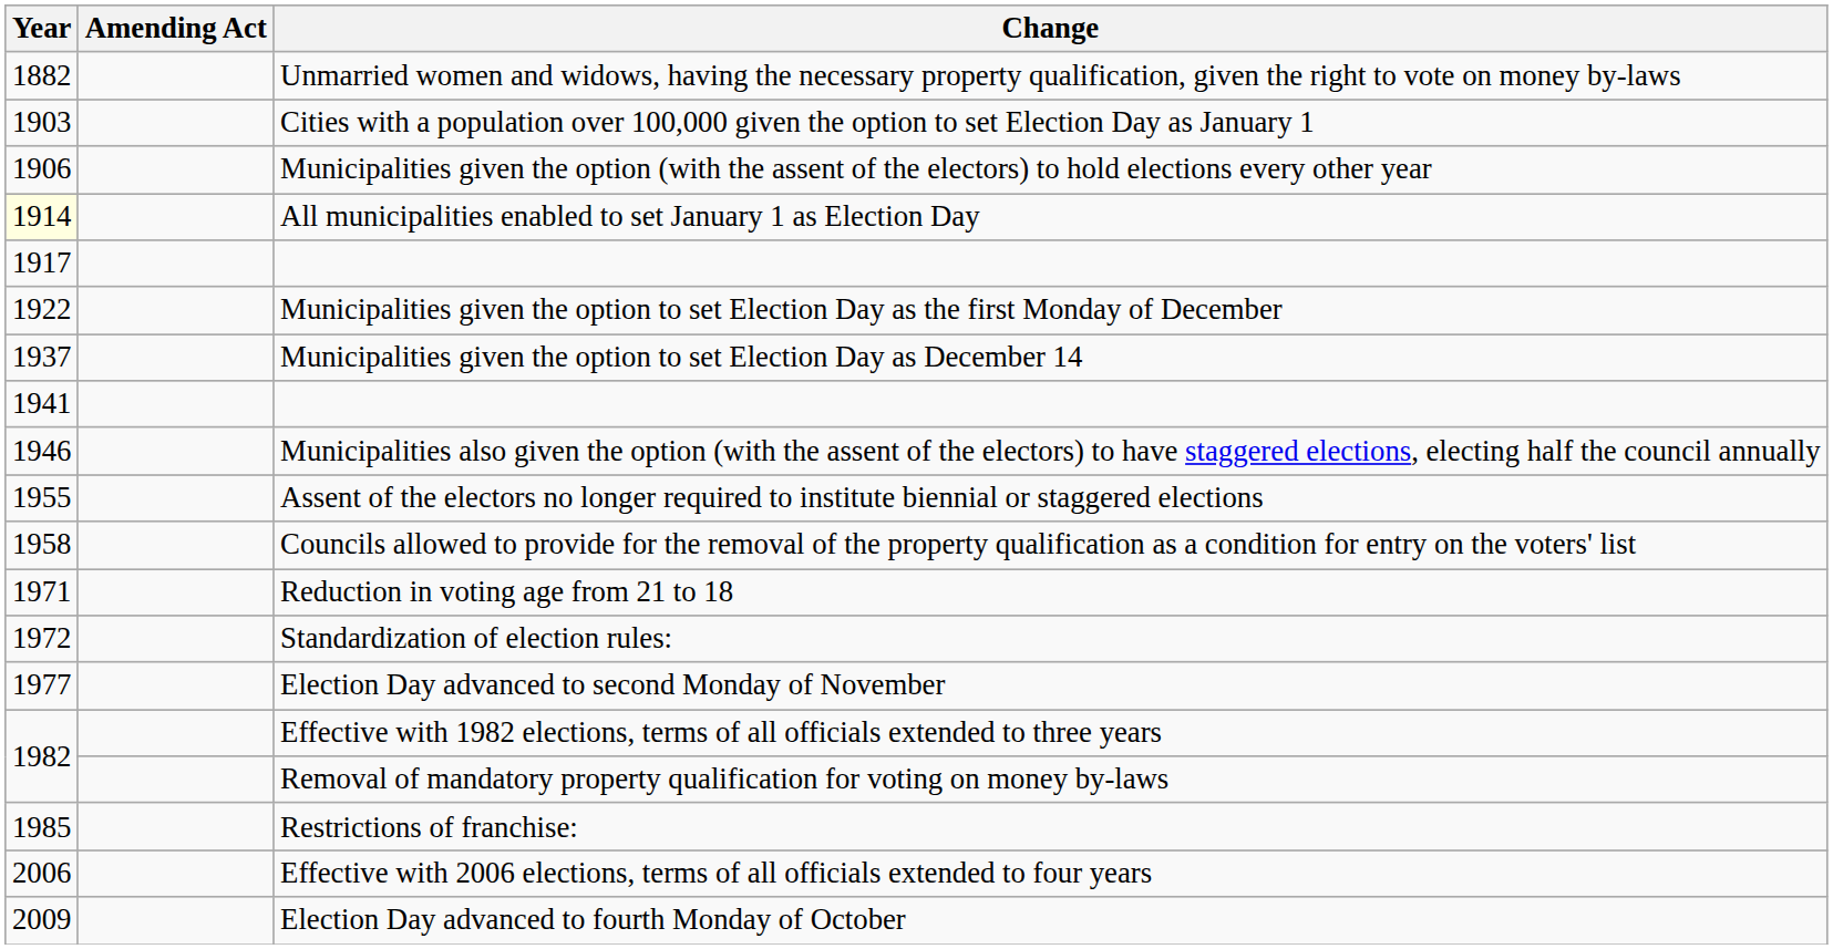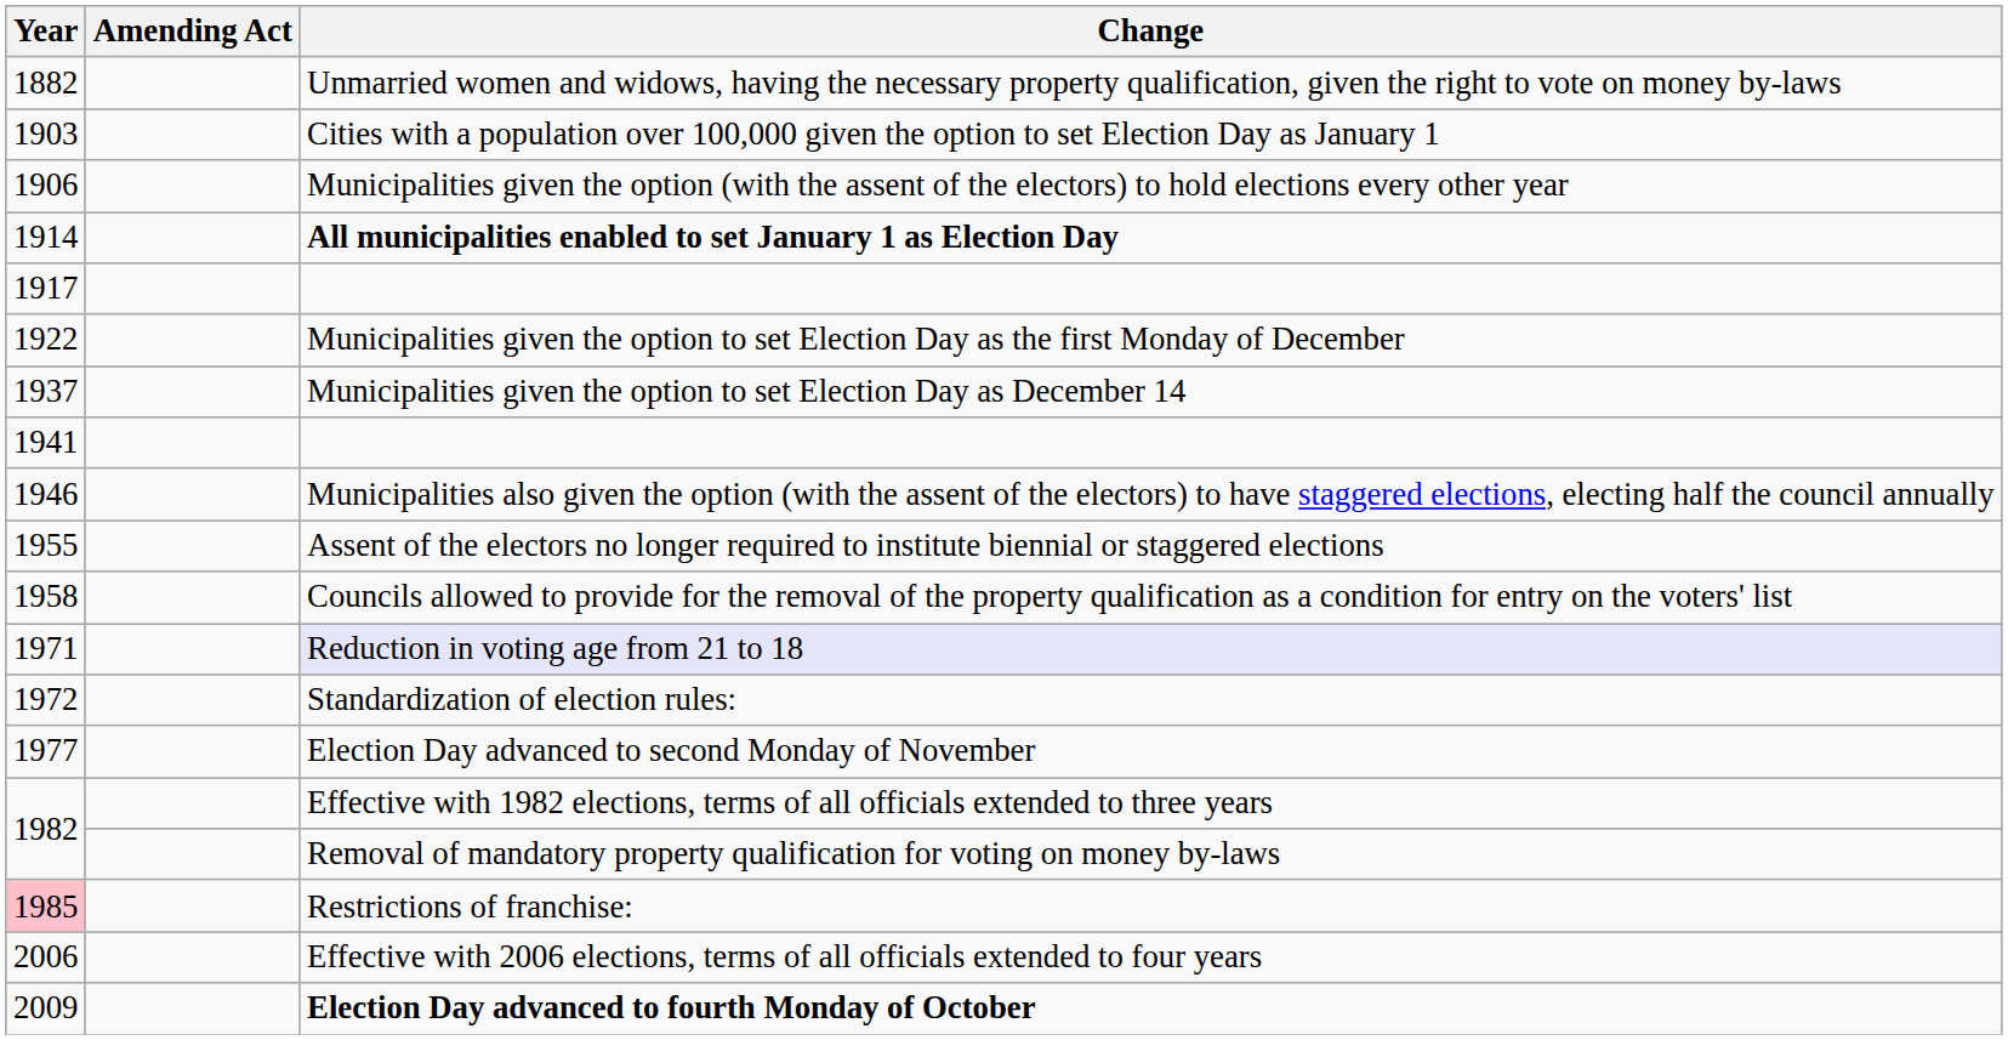 <table class="wikitable">
 <tr>
 <th>Year</th>
 <th>Amending Act</th>
 <th>Change</th>
 </tr>
 <tr>
 <td>1882</td>
 <td></td>
 <td>Unmarried women and widows, having the necessary property qualification, given the right to vote on money by-laws</td>
 </tr>
 <tr>
 <td>1903</td>
 <td></td>
 <td>Cities with a population over 100,000 given the option to set Election Day as January 1</td>
 </tr>
 <tr>
 <td>1906</td>
 <td></td>
 <td>Municipalities given the option (with the assent of the electors) to hold elections every other year</td>
 </tr>
 <tr>
-<td style="background: lightyellow;">1914</td>
+<td>1914</td>
 <td></td>
-<td>All municipalities enabled to set January 1 as Election Day</td>
+<td><strong>All municipalities enabled to set January 1 as Election Day</strong></td>
 </tr>
 <tr>
 <td>1917</td>
 <td></td>
 <td><br></td>
 </tr>
 <tr>
 <td>1922</td>
 <td></td>
 <td>Municipalities given the option to set Election Day as the first Monday of December</td>
 </tr>
 <tr>
 <td>1937</td>
 <td></td>
 <td>Municipalities given the option to set Election Day as December 14</td>
 </tr>
 <tr>
 <td>1941</td>
 <td></td>
 <td><br></td>
 </tr>
 <tr>
 <td>1946</td>
 <td></td>
 <td>Municipalities also given the option (with the assent of the electors) to have <a href='#'>staggered elections</a>, electing half the council annually</td>
 </tr>
 <tr>
 <td>1955</td>
 <td></td>
 <td>Assent of the electors no longer required to institute biennial or staggered elections</td>
 </tr>
 <tr>
 <td>1958</td>
 <td></td>
 <td>Councils allowed to provide for the removal of the property qualification as a condition for entry on the voters' list</td>
 </tr>
 <tr>
 <td>1971</td>
 <td></td>
-<td>Reduction in voting age from 21 to 18</td>
+<td style="background: lavender;">Reduction in voting age from 21 to 18</td>
 </tr>
 <tr>
 <td>1972</td>
 <td></td>
 <td>Standardization of election rules:<br></td>
 </tr>
 <tr>
 <td>1977</td>
 <td></td>
 <td>Election Day advanced to second Monday of November</td>
 </tr>
 <tr>
 <td rowspan="2">1982</td>
 <td></td>
 <td>Effective with 1982 elections, terms of all officials extended to three years</td>
 </tr>
 <tr>
 <td></td>
 <td>Removal of mandatory property qualification for voting on money by-laws</td>
 </tr>
 <tr>
-<td>1985</td>
+<td style="background: pink;">1985</td>
 <td></td>
 <td>Restrictions of franchise:<br></td>
 </tr>
 <tr>
 <td>2006</td>
 <td></td>
 <td>Effective with 2006 elections, terms of all officials extended to four years</td>
 </tr>
 <tr>
 <td>2009</td>
 <td></td>
-<td>Election Day advanced to fourth Monday of October</td>
+<td><strong>Election Day advanced to fourth Monday of October</strong></td>
 </tr>
 </table>
